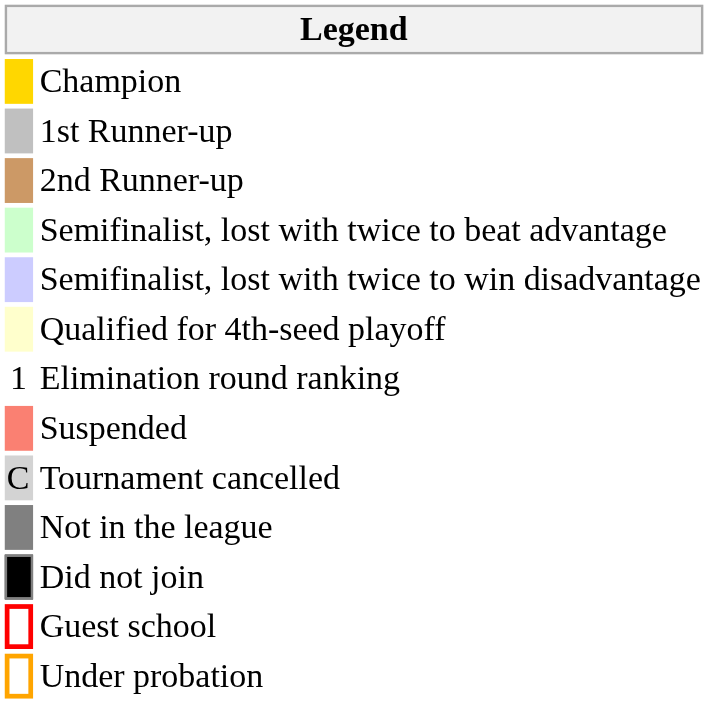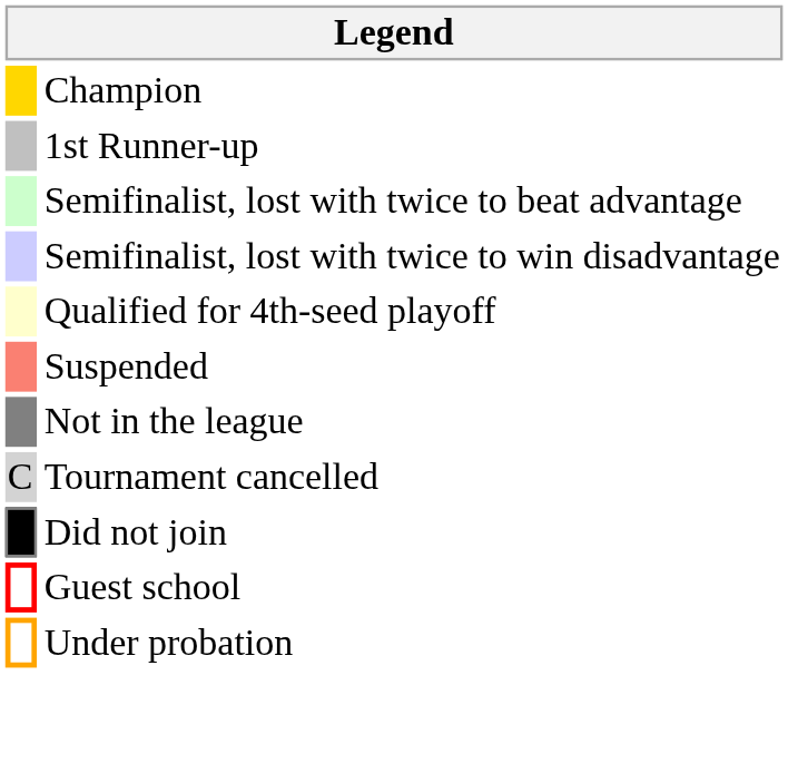 <table class="toccolours" style="float: right; font-size: 90%; white-space: nowrap; valign: middle;">
 <tr>
 <th colspan="2" style="background-color: #F2F2F2; border: 1px solid #AAAAAA;" align=center>Legend</th>
 </tr>
 <tr>
 <td width=10px bgcolor=gold></td>
 <td>Champion</td>
 </tr>
 <tr>
 <td bgcolor=silver></td>
 <td>1st Runner-up</td>
-</tr>
-<tr>
-<td bgcolor=#c96></td>
-<td>2nd Runner-up</td>
 </tr>
 <tr>
 <td bgcolor=CCFFCC></td>
 <td>Semifinalist, lost with twice to beat advantage</td>
 </tr>
 <tr>
 <td bgcolor=CCCCFF></td>
 <td>Semifinalist, lost with twice to win disadvantage</td>
 </tr>
 <tr>
 <td bgcolor=FFFFCC></td>
 <td>Qualified for 4th-seed playoff</td>
 </tr>
 <tr>
-<td align=center>1</td>
-<td>Elimination round ranking</td>
-</tr>
-<tr>
 <td bgcolor=salmon></td>
 <td>Suspended</td>
 </tr>
 <tr>
+<td bgcolor=gray></td>
+<td>Not in the league</td>
+</tr>
+<tr>
 <td bgcolor=D3D3D3>C</td>
 <td>Tournament cancelled</td>
-</tr>
-<tr>
-<td bgcolor=gray></td>
-<td>Not in the league</td>
 </tr>
 <tr>
 <td bgcolor=black align=center style="border: 1px solid gray;"></td>
 <td>Did not join</td>
 </tr>
 <tr>
 <td style="border: 2px solid red;"></td>
 <td>Guest school</td>
 </tr>
 <tr>
 <td style="border: 2px solid orange;"></td>
 <td>Under probation</td>
 </tr>
 </table>
